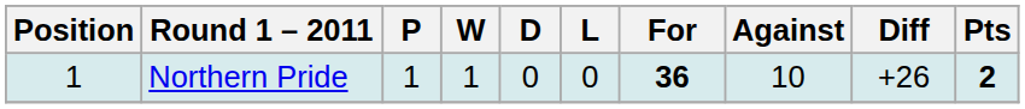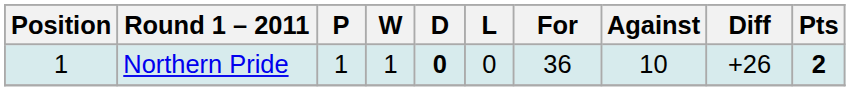 <table class="wikitable" style="text-align:center; font-size:85%;">
 <tr>
 <th width=40 abbr="Position">Position</th>
 <th width=100>Round 1 – 2011</th>
 <th width=20 abbr="Played">P</th>
 <th width=20 abbr="Won">W</th>
 <th width=20 abbr="Drawn">D</th>
 <th width=20 abbr="Lost">L</th>
 <th width=40 abbr="Points for">For</th>
 <th width=40 abbr="Points against">Against</th>
 <th width=40 abbr="Points difference">Diff</th>
 <th width=20 abbr="Points">Pts</th>
 </tr>
 <tr style="background: #d7ebed;">
 <td>1</td>
 <td style="text-align:left;"> <a href='#'>Northern Pride</a></td>
 <td>1</td>
 <td>1</td>
+<td><strong>0</strong></td>
 <td>0</td>
-<td>0</td>
-<td><strong>36</strong></td>
+<td>36</td>
 <td>10</td>
 <td>+26</td>
 <td><strong>2</strong></td>
 </tr>
 <tr>
 </tr>
 </table>
